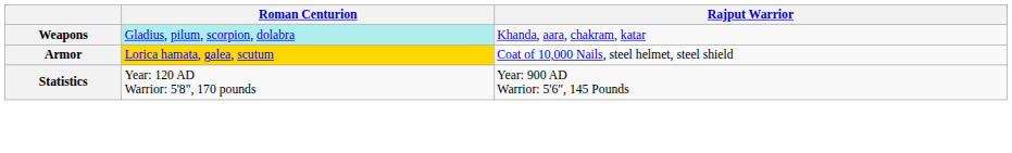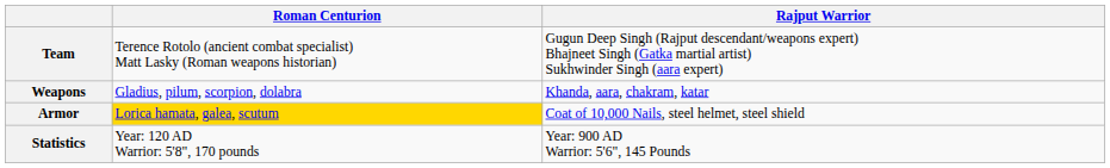 <table class="wikitable unsortable" ; style="width: 100%">
 <tr>
 <th></th>
 <th><strong><a href='#'>Roman Centurion</a></strong></th>
 <th><strong><a href='#'>Rajput Warrior</a></strong></th>
 </tr>
 <tr>
+<th>Team</th>
+<td>Terence Rotolo (ancient combat specialist)<br>Matt Lasky (Roman weapons historian)</td>
+<td>Gugun Deep Singh (Rajput descendant/weapons expert)<br>Bhajneet Singh (<a href='#'>Gatka</a> martial artist)<br>Sukhwinder Singh (<a href='#'>aara</a> expert)</td>
+</tr>
+<tr>
 <th>Weapons</th>
-<td style="background: paleturquoise;"><a href='#'>Gladius</a>, <a href='#'>pilum</a>, <a href='#'>scorpion</a>, <a href='#'>dolabra</a></td>
+<td><a href='#'>Gladius</a>, <a href='#'>pilum</a>, <a href='#'>scorpion</a>, <a href='#'>dolabra</a></td>
 <td><a href='#'>Khanda</a>, <a href='#'>aara</a>, <a href='#'>chakram</a>, <a href='#'>katar</a></td>
 </tr>
 <tr>
 <th>Armor</th>
 <td style="background: gold;"><a href='#'>Lorica hamata</a>, <a href='#'>galea</a>, <a href='#'>scutum</a></td>
 <td><a href='#'>Coat of 10,000 Nails</a>, steel helmet, steel shield</td>
 </tr>
 <tr>
 <th>Statistics</th>
 <td>Year: 120 AD<br>Warrior: 5'8", 170 pounds</td>
 <td>Year: 900 AD<br>Warrior: 5'6", 145 Pounds</td>
 </tr>
 </table>
